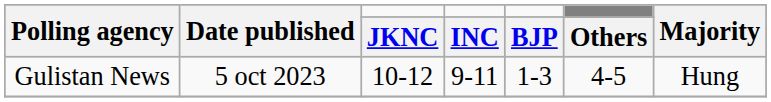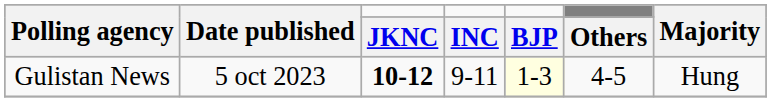 <table class="wikitable" style="text-align:center;font-size:95%;line-height:16px;">
 <tr>
 <th rowspan="2" class="wikitable">Polling agency</th>
 <th rowspan="2" class="wikitable">Date published</th>
 <td></td>
 <td></td>
 <td></td>
 <td style="background:gray;"></td>
 <th rowspan="2">Majority</th>
 </tr>
 <tr>
 <th class="wikitable"><a href='#'>JKNC</a></th>
 <th class="wikitable"><a href='#'>INC</a></th>
 <th class="wikitable"><a href='#'>BJP</a></th>
 <th class="wikitable">Others</th>
 </tr>
 <tr>
 <td>Gulistan News</td>
 <td>5 oct 2023</td>
-<td>10-12</td>
+<td><strong>10-12</strong></td>
 <td>9-11</td>
-<td>1-3</td>
+<td style="background: lightyellow;">1-3</td>
 <td>4-5</td>
 <td>Hung</td>
 </tr>
 <tr>
 </tr>
 </table>
